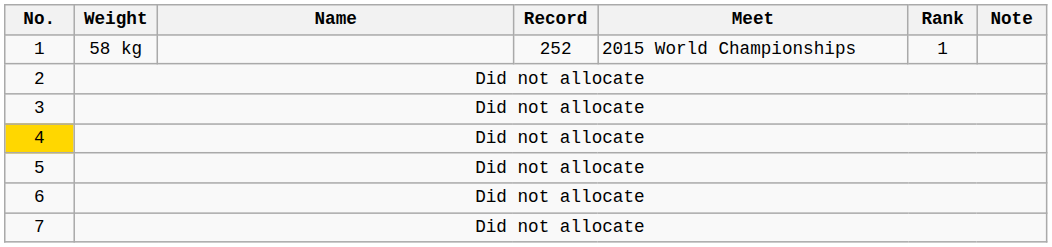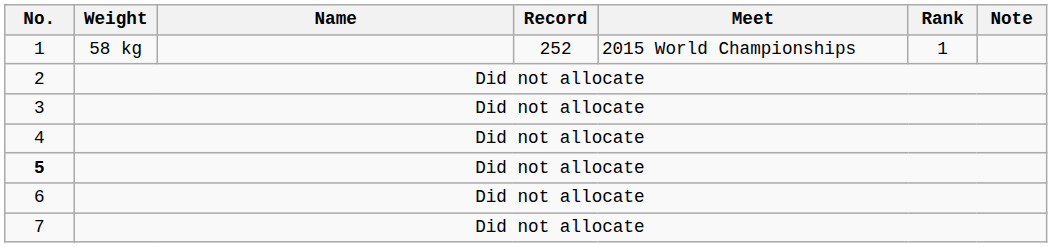 <table class="wikitable" style="text-align:center; font-size:90%">
 <tr>
 <th width=40>No.</th>
 <th width=50>Weight</th>
 <th width=230>Name</th>
 <th width=50>Record</th>
 <th width=200>Meet</th>
 <th width=40>Rank</th>
 <th width=40>Note</th>
 </tr>
 <tr>
 <td>1</td>
 <td>58 kg</td>
 <td align=left></td>
 <td>252</td>
 <td align=left>2015 World Championships</td>
 <td>1</td>
 <td></td>
 </tr>
 <tr>
 <td>2</td>
 <td colspan="6" align="center">Did not allocate</td>
 </tr>
 <tr>
 <td>3</td>
 <td colspan="6" align="center">Did not allocate</td>
 </tr>
 <tr>
-<td style="background: gold;">4</td>
+<td>4</td>
 <td colspan="6" align="center">Did not allocate</td>
 </tr>
 <tr>
-<td>5</td>
+<td><strong>5</strong></td>
 <td colspan="6" align="center">Did not allocate</td>
 </tr>
 <tr>
 <td>6</td>
 <td colspan="6" align="center">Did not allocate</td>
 </tr>
 <tr>
 <td>7</td>
 <td colspan="6" align="center">Did not allocate</td>
 </tr>
 </table>
